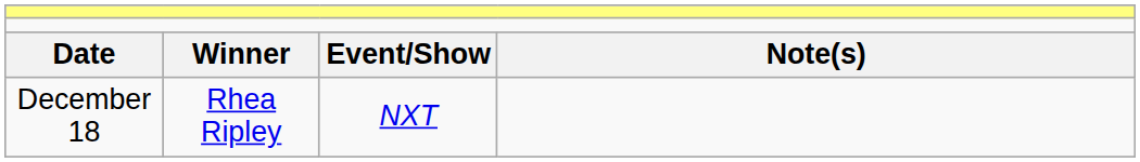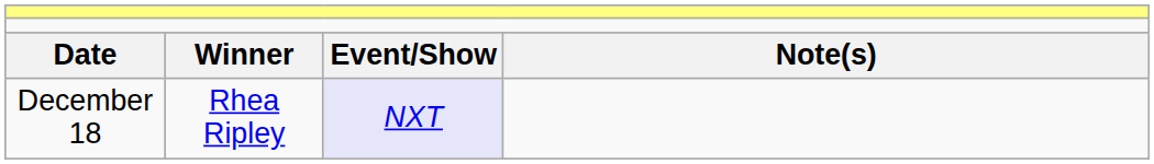 <table class="wikitable" style="text-align:center; width:100%;">
 <tr style="background:#FFFF80;">
 <td colspan="4"></td>
 </tr>
 <tr>
 <td colspan="4"><strong></strong></td>
 </tr>
 <tr>
 <th width=14%>Date</th>
 <th width=14%>Winner</th>
 <th width=14%>Event/Show</th>
 <th width=58%>Note(s)</th>
 </tr>
 <tr>
 <td>December 18</td>
 <td><a href='#'>Rhea Ripley</a></td>
-<td><em><a href='#'>NXT</a></em></td>
+<td style="background: lavender;"><em><a href='#'>NXT</a></em></td>
 <td></td>
 </tr>
 </table>
